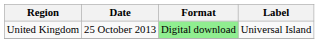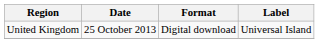 <table class=wikitable>
 <tr>
 <th>Region</th>
 <th>Date</th>
 <th>Format</th>
 <th>Label</th>
 </tr>
 <tr>
 <td>United Kingdom</td>
 <td>25 October 2013</td>
-<td style="background: lightgreen;">Digital download</td>
+<td>Digital download</td>
 <td>Universal Island</td>
 </tr>
 <tr>
 </tr>
 </table>
